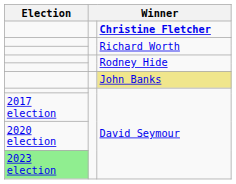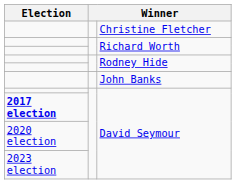 <table class=wikitable>
 <tr>
 <th width=100>Election</th>
 <th width=175 colspan=2>Winner</th>
 </tr>
 <tr>
 <td></td>
 <td width=5 bgcolor=></td>
-<td><strong><a href='#'>Christine Fletcher</a></strong></td>
+<td><a href='#'>Christine Fletcher</a></td>
 </tr>
 <tr>
 <td></td>
 <td rowspan=2 bgcolor=></td>
 <td rowspan=2><a href='#'>Richard Worth</a></td>
 </tr>
 <tr>
 <td></td>
 </tr>
 <tr>
 <td></td>
 <td rowspan=2 bgcolor=></td>
 <td rowspan=2><a href='#'>Rodney Hide</a></td>
 </tr>
 <tr>
 <td></td>
 </tr>
 <tr>
 <td></td>
 <td bgcolor=></td>
-<td style="background: khaki;"><a href='#'>John Banks</a></td>
+<td><a href='#'>John Banks</a></td>
 </tr>
 <tr>
 <td></td>
 <td rowspan="4"></td>
 <td rowspan="4"><a href='#'>David Seymour</a></td>
 </tr>
 <tr>
-<td><a href='#'>2017 election</a></td>
+<td><strong><a href='#'>2017 election</a></strong></td>
 </tr>
 <tr>
 <td><a href='#'>2020 election</a></td>
 </tr>
 <tr>
-<td style="background: lightgreen;"><a href='#'>2023 election</a></td>
+<td><a href='#'>2023 election</a></td>
 </tr>
 </table>
